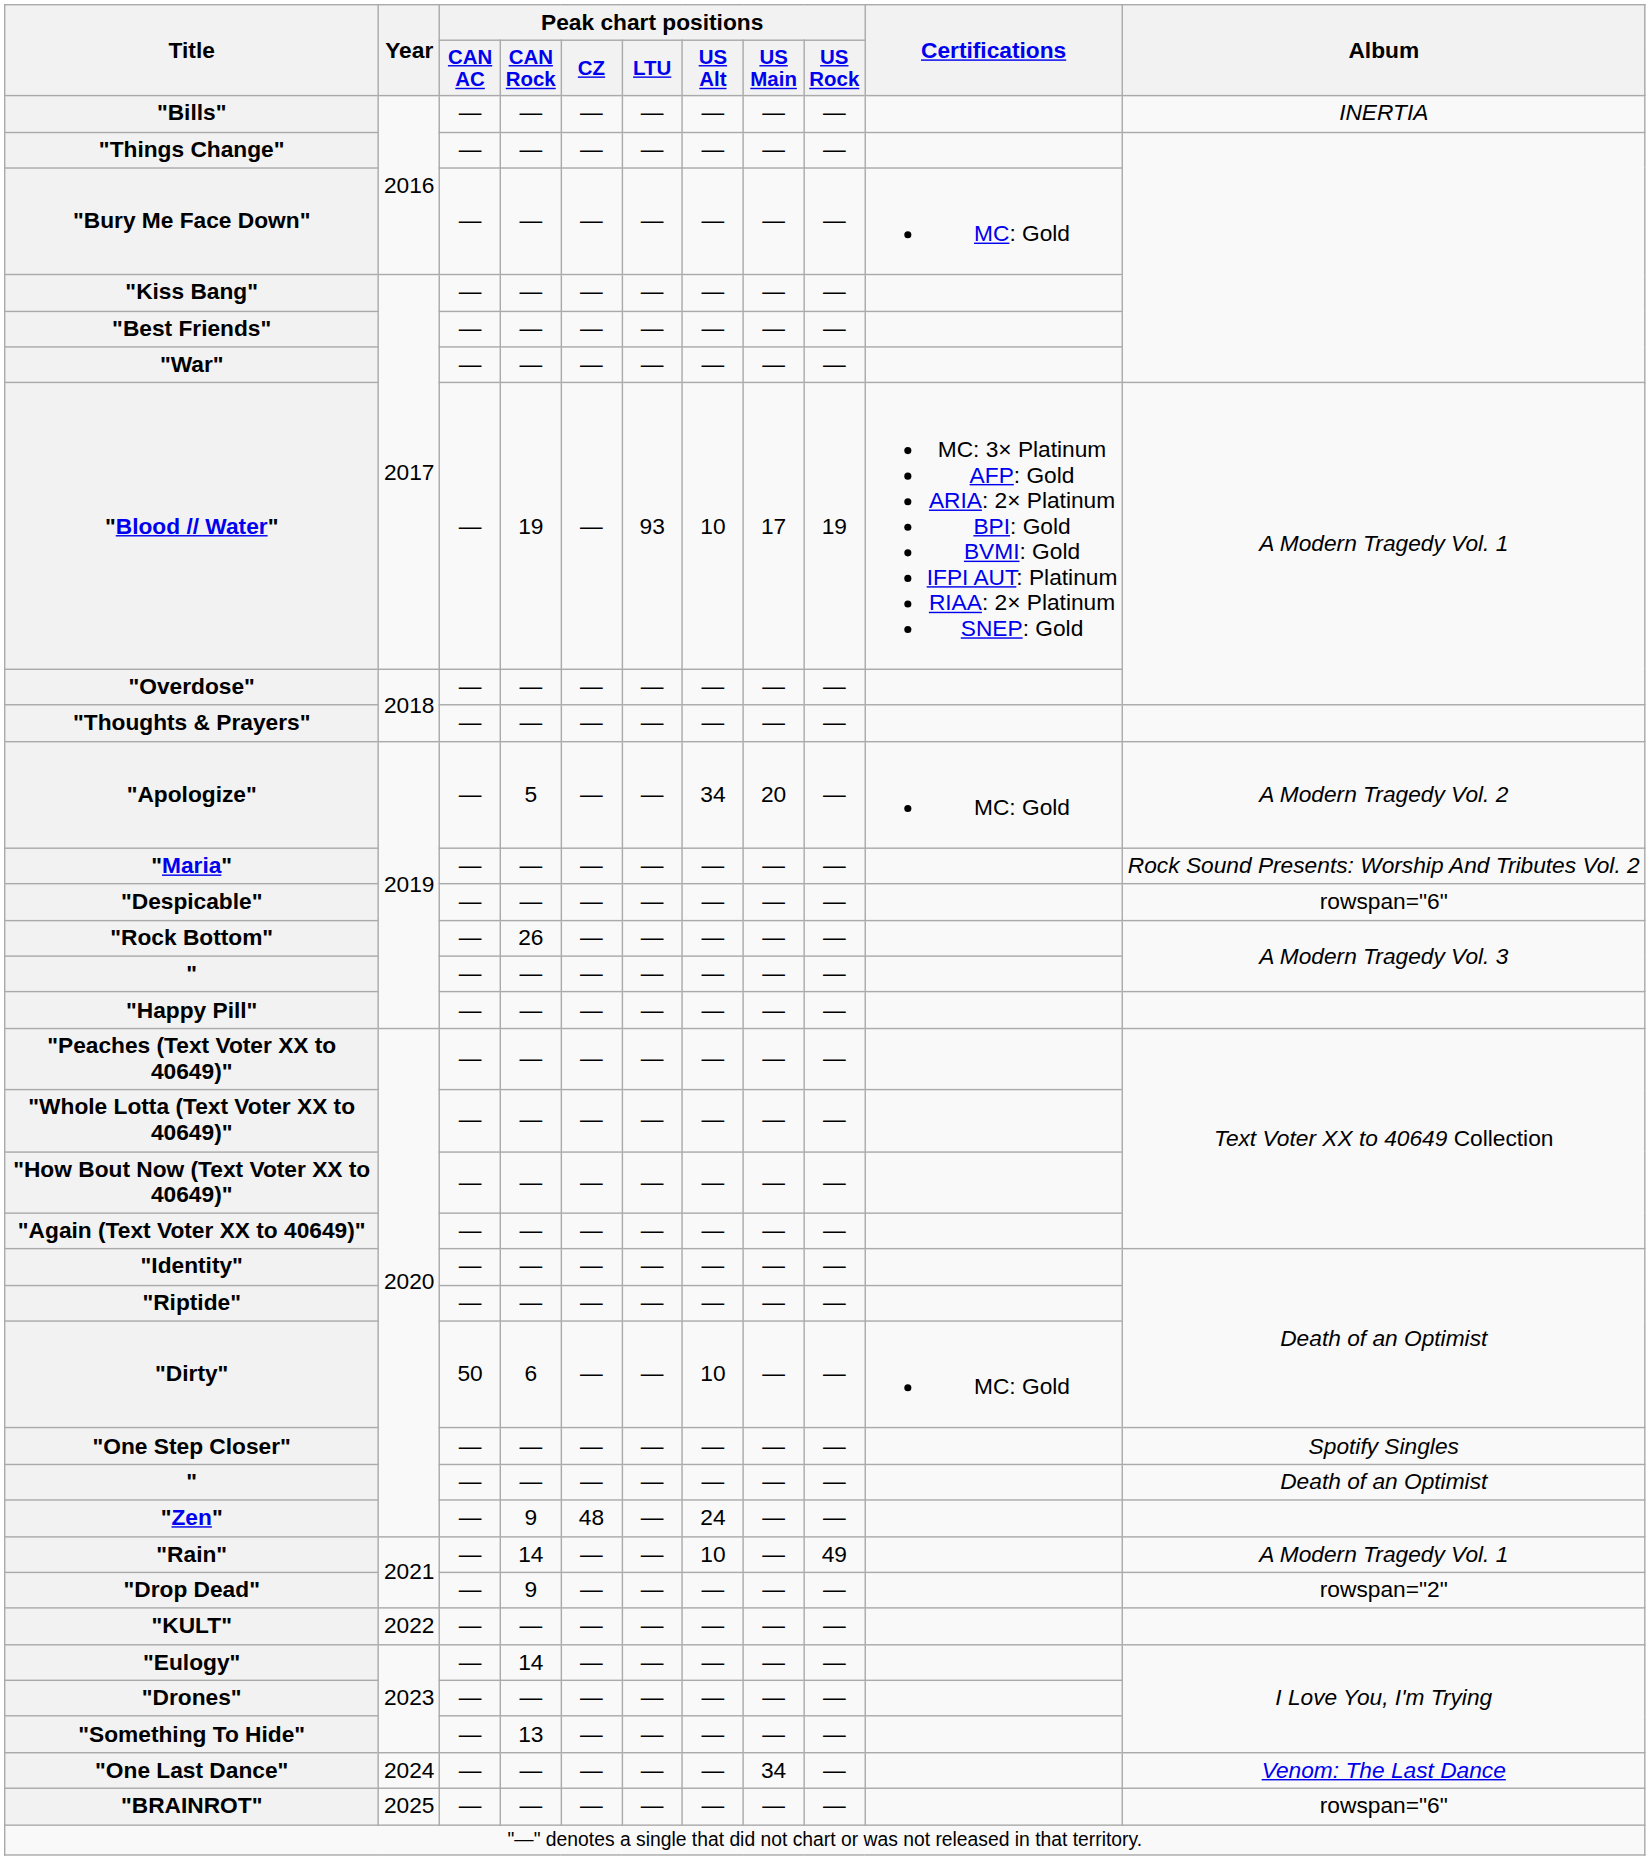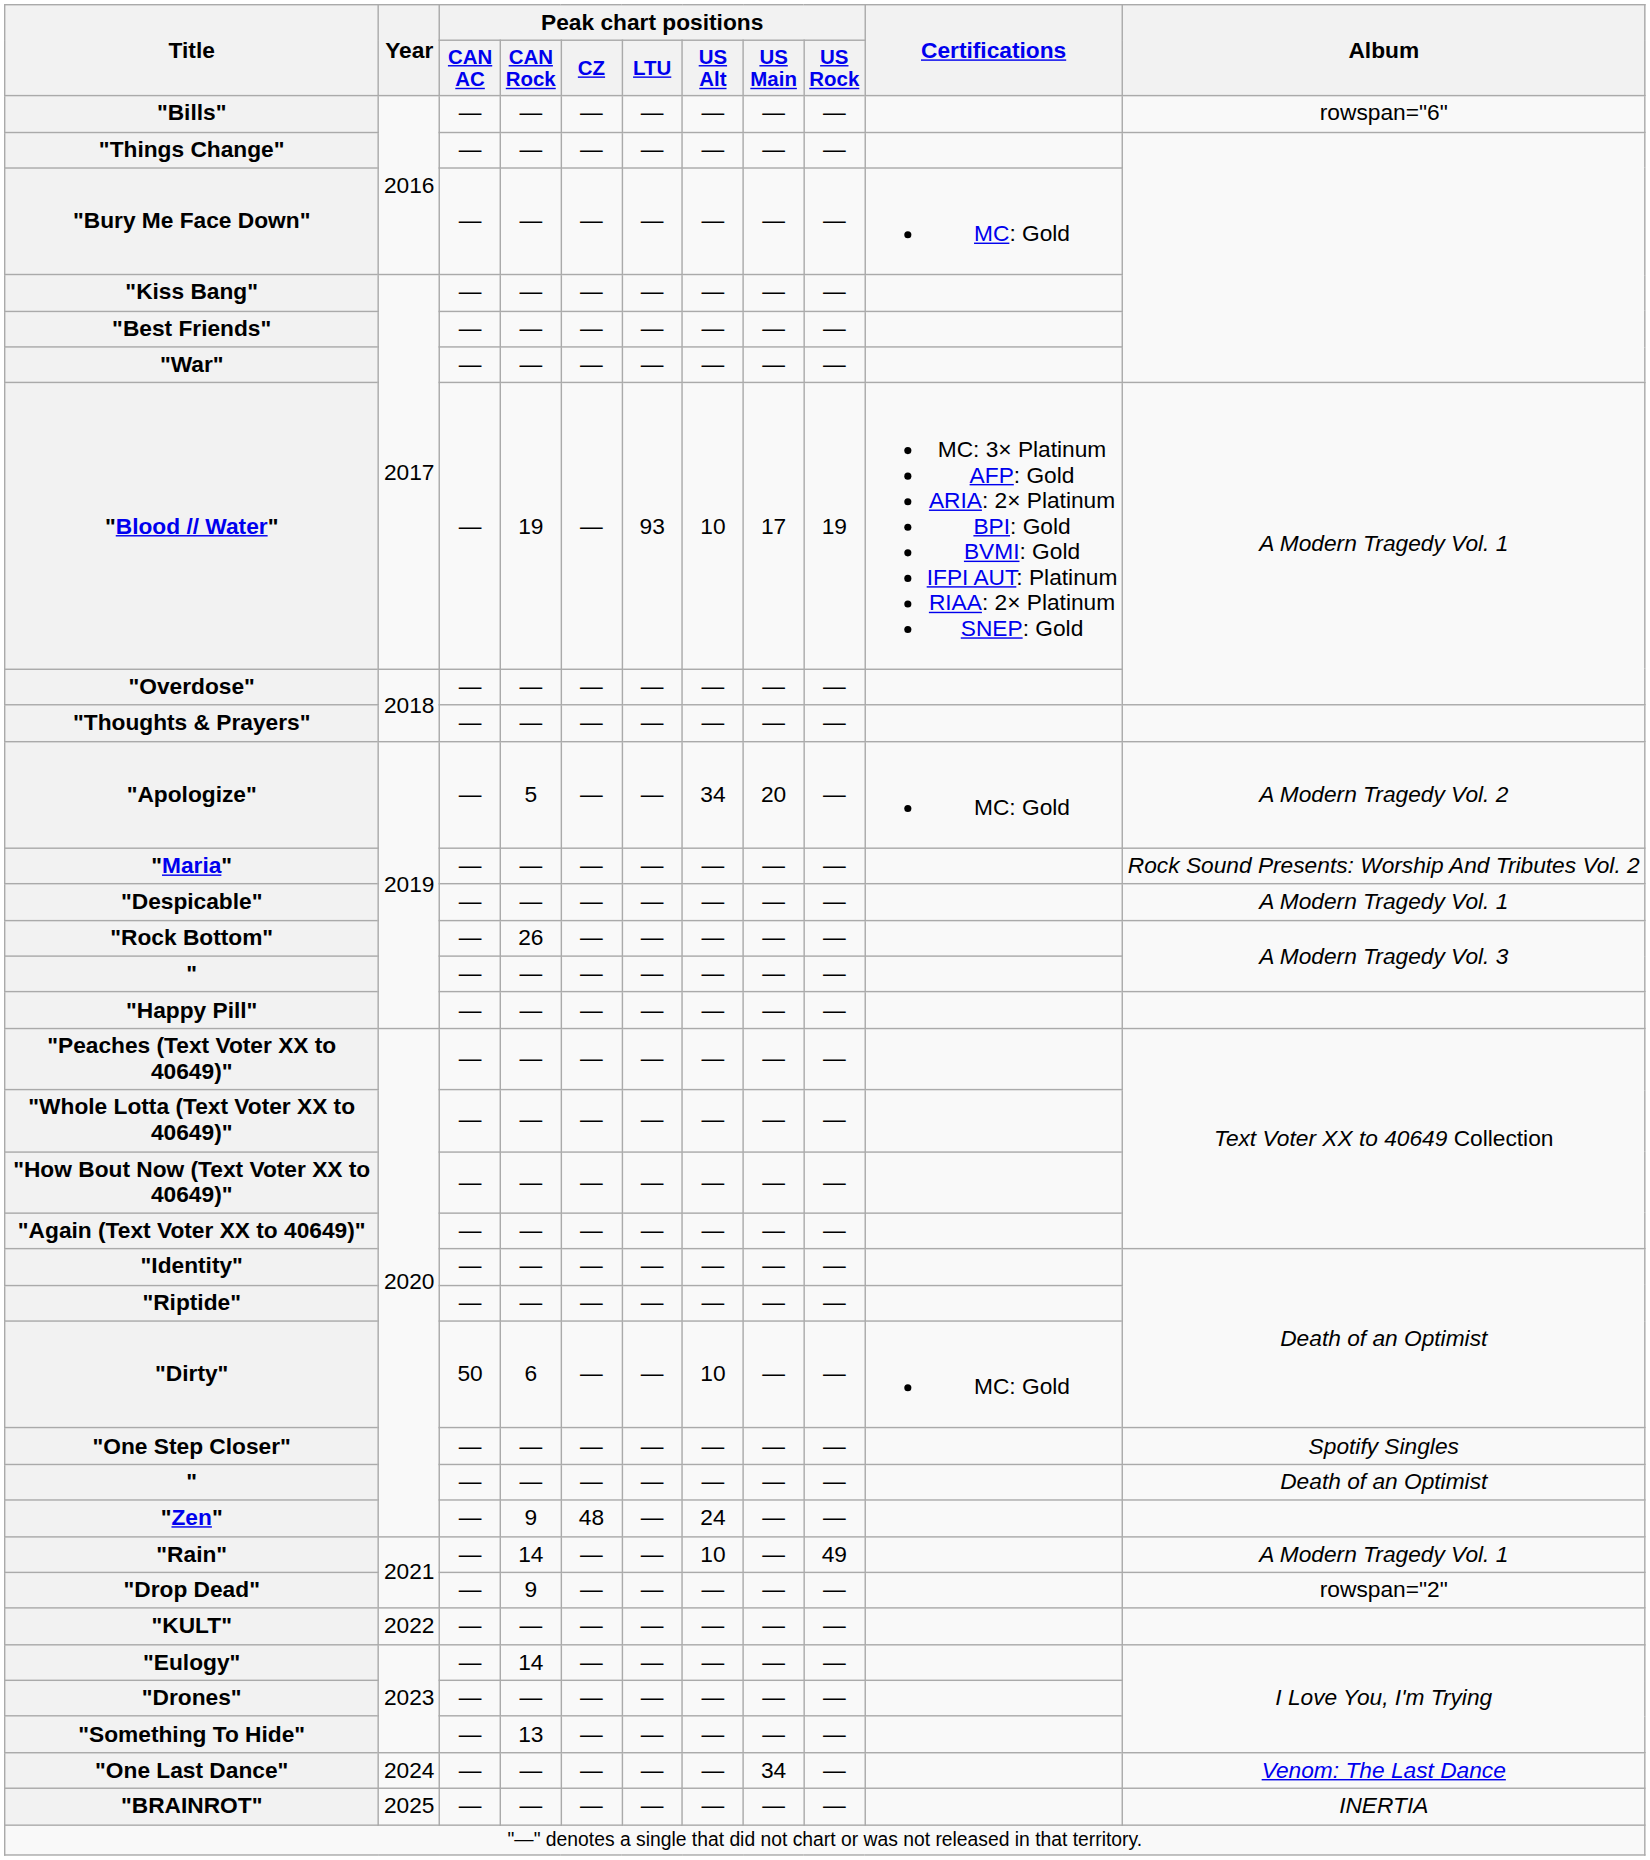 <table class="wikitable plainrowheaders" style="text-align:center;">
 <tr>
 <th scope="col" rowspan="2" style="width:16em;">Title</th>
 <th scope="col" rowspan="2" style="width:1em;">Year</th>
 <th scope="col" colspan="7">Peak chart positions</th>
 <th scope="col" rowspan="2"><a href='#'>Certifications</a></th>
 <th scope="col" rowspan="2">Album</th>
 </tr>
 <tr>
 <th scope="col" style="width:2.5em;font-size:90%;"><a href='#'>CAN<br>AC</a><br></th>
 <th scope="col" style="width:2.5em;font-size:90%;"><a href='#'>CAN<br>Rock</a><br></th>
 <th scope="col" style="width:2.5em;font-size:90%;"><a href='#'>CZ</a><br></th>
 <th scope="col" style="width:2.5em;font-size:90%;"><a href='#'>LTU</a><br></th>
 <th scope="col" style="width:2.5em;font-size:90%;"><a href='#'>US<br>Alt</a><br></th>
 <th scope="col" style="width:2.5em;font-size:90%;"><a href='#'>US<br>Main</a><br></th>
 <th scope="col" style="width:2.5em;font-size:90%;"><a href='#'>US<br>Rock</a><br></th>
 </tr>
 <tr>
 <th scope="row">"Bills"</th>
 <td rowspan="3">2016</td>
 <td>—</td>
 <td>—</td>
 <td>—</td>
 <td>—</td>
 <td>—</td>
 <td>—</td>
 <td>—</td>
 <td></td>
-<td><em>INERTIA</em></td>
+<td>rowspan="6" </td>
 </tr>
 <tr>
 <th scope="row">"Things Change"</th>
 <td>—</td>
 <td>—</td>
 <td>—</td>
 <td>—</td>
 <td>—</td>
 <td>—</td>
 <td>—</td>
 <td></td>
 </tr>
 <tr>
 <th scope="row">"Bury Me Face Down"</th>
 <td>—</td>
 <td>—</td>
 <td>—</td>
 <td>—</td>
 <td>—</td>
 <td>—</td>
 <td>—</td>
 <td><br><ul><li><a href='#'>MC</a>: Gold</li></ul></td>
 </tr>
 <tr>
 <th scope="row">"Kiss Bang"</th>
 <td rowspan="4">2017</td>
 <td>—</td>
 <td>—</td>
 <td>—</td>
 <td>—</td>
 <td>—</td>
 <td>—</td>
 <td>—</td>
 <td></td>
 </tr>
 <tr>
 <th scope="row">"Best Friends"</th>
 <td>—</td>
 <td>—</td>
 <td>—</td>
 <td>—</td>
 <td>—</td>
 <td>—</td>
 <td>—</td>
 <td></td>
 </tr>
 <tr>
 <th scope="row">"War"</th>
 <td>—</td>
 <td>—</td>
 <td>—</td>
 <td>—</td>
 <td>—</td>
 <td>—</td>
 <td>—</td>
 <td></td>
 </tr>
 <tr>
 <th scope="row">"<a href='#'>Blood // Water</a>"</th>
 <td>—</td>
 <td>19</td>
 <td>—</td>
 <td>93</td>
 <td>10</td>
 <td>17</td>
 <td>19</td>
 <td><br><ul><li>MC: 3× Platinum</li><li><a href='#'>AFP</a>: Gold</li><li><a href='#'>ARIA</a>: 2× Platinum</li><li><a href='#'>BPI</a>: Gold</li><li><a href='#'>BVMI</a>: Gold</li><li><a href='#'>IFPI AUT</a>: Platinum</li><li><a href='#'>RIAA</a>: 2× Platinum</li><li><a href='#'>SNEP</a>: Gold</li></ul></td>
 <td rowspan="2"><em>A Modern Tragedy Vol. 1</em></td>
 </tr>
 <tr>
 <th scope="row">"Overdose"</th>
 <td rowspan="2">2018</td>
 <td>—</td>
 <td>—</td>
 <td>—</td>
 <td>—</td>
 <td>—</td>
 <td>—</td>
 <td>—</td>
 <td></td>
 </tr>
 <tr>
 <th scope="row">"Thoughts & Prayers"</th>
 <td>—</td>
 <td>—</td>
 <td>—</td>
 <td>—</td>
 <td>—</td>
 <td>—</td>
 <td>—</td>
 <td></td>
 <td></td>
 </tr>
 <tr>
 <th scope="row">"Apologize"</th>
 <td rowspan="6">2019</td>
 <td>—</td>
 <td>5</td>
 <td>—</td>
 <td>—</td>
 <td>34</td>
 <td>20</td>
 <td>—</td>
 <td><br><ul><li>MC: Gold</li></ul></td>
 <td><em>A Modern Tragedy Vol. 2</em></td>
 </tr>
 <tr>
 <th scope="row">"<a href='#'>Maria</a>"</th>
 <td>—</td>
 <td>—</td>
 <td>—</td>
 <td>—</td>
 <td>—</td>
 <td>—</td>
 <td>—</td>
 <td></td>
 <td><em>Rock Sound Presents: Worship And Tributes Vol. 2</em></td>
 </tr>
 <tr>
 <th scope="row">"Despicable"</th>
 <td>—</td>
 <td>—</td>
 <td>—</td>
 <td>—</td>
 <td>—</td>
 <td>—</td>
 <td>—</td>
 <td></td>
-<td>rowspan="6" </td>
+<td><em>A Modern Tragedy Vol. 1</em></td>
 </tr>
 <tr>
 <th scope="row">"Rock Bottom"</th>
 <td>—</td>
 <td>26</td>
 <td>—</td>
 <td>—</td>
 <td>—</td>
 <td>—</td>
 <td>—</td>
 <td></td>
 <td rowspan="2"><em>A Modern Tragedy Vol. 3</em></td>
 </tr>
 <tr>
 <th scope="row">"<br></th>
 <td>—</td>
 <td>—</td>
 <td>—</td>
 <td>—</td>
 <td>—</td>
 <td>—</td>
 <td>—</td>
 <td></td>
 </tr>
 <tr>
 <th scope="row">"Happy Pill" </th>
 <td>—</td>
 <td>—</td>
 <td>—</td>
 <td>—</td>
 <td>—</td>
 <td>—</td>
 <td>—</td>
 <td></td>
 <td></td>
 </tr>
 <tr>
 <th scope="row">"Peaches (Text Voter XX to 40649)" </th>
 <td rowspan="10">2020</td>
 <td>—</td>
 <td>—</td>
 <td>—</td>
 <td>—</td>
 <td>—</td>
 <td>—</td>
 <td>—</td>
 <td></td>
 <td rowspan="4"><em>Text Voter XX to 40649</em> Collection</td>
 </tr>
 <tr>
 <th scope="row">"Whole Lotta (Text Voter XX to 40649)" </th>
 <td>—</td>
 <td>—</td>
 <td>—</td>
 <td>—</td>
 <td>—</td>
 <td>—</td>
 <td>—</td>
 <td></td>
 </tr>
 <tr>
 <th scope="row">"How Bout Now (Text Voter XX to 40649)" </th>
 <td>—</td>
 <td>—</td>
 <td>—</td>
 <td>—</td>
 <td>—</td>
 <td>—</td>
 <td>—</td>
 <td></td>
 </tr>
 <tr>
 <th scope="row">"Again (Text Voter XX to 40649)" </th>
 <td>—</td>
 <td>—</td>
 <td>—</td>
 <td>—</td>
 <td>—</td>
 <td>—</td>
 <td>—</td>
 <td></td>
 </tr>
 <tr>
 <th scope="row">"Identity"</th>
 <td>—</td>
 <td>—</td>
 <td>—</td>
 <td>—</td>
 <td>—</td>
 <td>—</td>
 <td>—</td>
 <td></td>
 <td rowspan="3"><em>Death of an Optimist</em></td>
 </tr>
 <tr>
 <th scope="row">"Riptide"</th>
 <td>—</td>
 <td>—</td>
 <td>—</td>
 <td>—</td>
 <td>—</td>
 <td>—</td>
 <td>—</td>
 <td></td>
 </tr>
 <tr>
 <th scope="row">"Dirty"</th>
 <td>50</td>
 <td>6</td>
 <td>—</td>
 <td>—</td>
 <td>10</td>
 <td>—</td>
 <td>—</td>
 <td><br><ul><li>MC: Gold</li></ul></td>
 </tr>
 <tr>
 <th scope="row">"One Step Closer"</th>
 <td>—</td>
 <td>—</td>
 <td>—</td>
 <td>—</td>
 <td>—</td>
 <td>—</td>
 <td>—</td>
 <td></td>
 <td><em>Spotify Singles</em></td>
 </tr>
 <tr>
 <th scope="row">"</th>
 <td>—</td>
 <td>—</td>
 <td>—</td>
 <td>—</td>
 <td>—</td>
 <td>—</td>
 <td>—</td>
 <td></td>
 <td><em>Death of an Optimist</em></td>
 </tr>
 <tr>
 <th scope="row">"<a href='#'>Zen</a>"<br></th>
 <td>—</td>
 <td>9</td>
 <td>48</td>
 <td>—</td>
 <td>24</td>
 <td>—</td>
 <td>—</td>
 <td></td>
 <td></td>
 </tr>
 <tr>
 <th scope="row">"Rain"<br></th>
 <td rowspan="2">2021</td>
 <td>—</td>
 <td>14</td>
 <td>—</td>
 <td>—</td>
 <td>10</td>
 <td>—</td>
 <td>49</td>
 <td></td>
 <td><em>A Modern Tragedy Vol. 1</em></td>
 </tr>
 <tr>
 <th scope="row">"Drop Dead"<br></th>
 <td>—</td>
 <td>9</td>
 <td>—</td>
 <td>—</td>
 <td>—</td>
 <td>—</td>
 <td>—</td>
 <td></td>
 <td>rowspan="2" <br></td>
 </tr>
 <tr>
 <th scope="row">"KULT"<br></th>
 <td>2022</td>
 <td>—</td>
 <td>—</td>
 <td>—</td>
 <td>—</td>
 <td>—</td>
 <td>—</td>
 <td>—</td>
 <td></td>
 </tr>
 <tr>
 <th scope="row">"Eulogy"</th>
 <td rowspan="3">2023</td>
 <td>—</td>
 <td>14</td>
 <td>—</td>
 <td>—</td>
 <td>—</td>
 <td>—</td>
 <td>—</td>
 <td></td>
 <td rowspan="3"><em>I Love You, I'm Trying</em></td>
 </tr>
 <tr>
 <th scope="row">"Drones"</th>
 <td>—</td>
 <td>—</td>
 <td>—</td>
 <td>—</td>
 <td>—</td>
 <td>—</td>
 <td>—</td>
 <td></td>
 </tr>
 <tr>
 <th scope="row">"Something To Hide"</th>
 <td>—</td>
 <td>13</td>
 <td>—</td>
 <td>—</td>
 <td>—</td>
 <td>—</td>
 <td>—</td>
 <td></td>
 </tr>
 <tr>
 <th scope="row">"One Last Dance" </th>
 <td>2024</td>
 <td>—</td>
 <td>—</td>
 <td>—</td>
 <td>—</td>
 <td>—</td>
 <td>34</td>
 <td>—</td>
 <td></td>
 <td><em><a href='#'>Venom: The Last Dance</a></em></td>
 </tr>
 <tr>
 <th scope="row">"BRAINROT"</th>
 <td>2025</td>
 <td>—</td>
 <td>—</td>
 <td>—</td>
 <td>—</td>
 <td>—</td>
 <td>—</td>
 <td>—</td>
 <td></td>
-<td>rowspan="6" </td>
+<td><em>INERTIA</em></td>
 </tr>
 <tr>
 <td colspan="11" style="font-size:85%">"—" denotes a single that did not chart or was not released in that territory.</td>
 </tr>
 </table>
